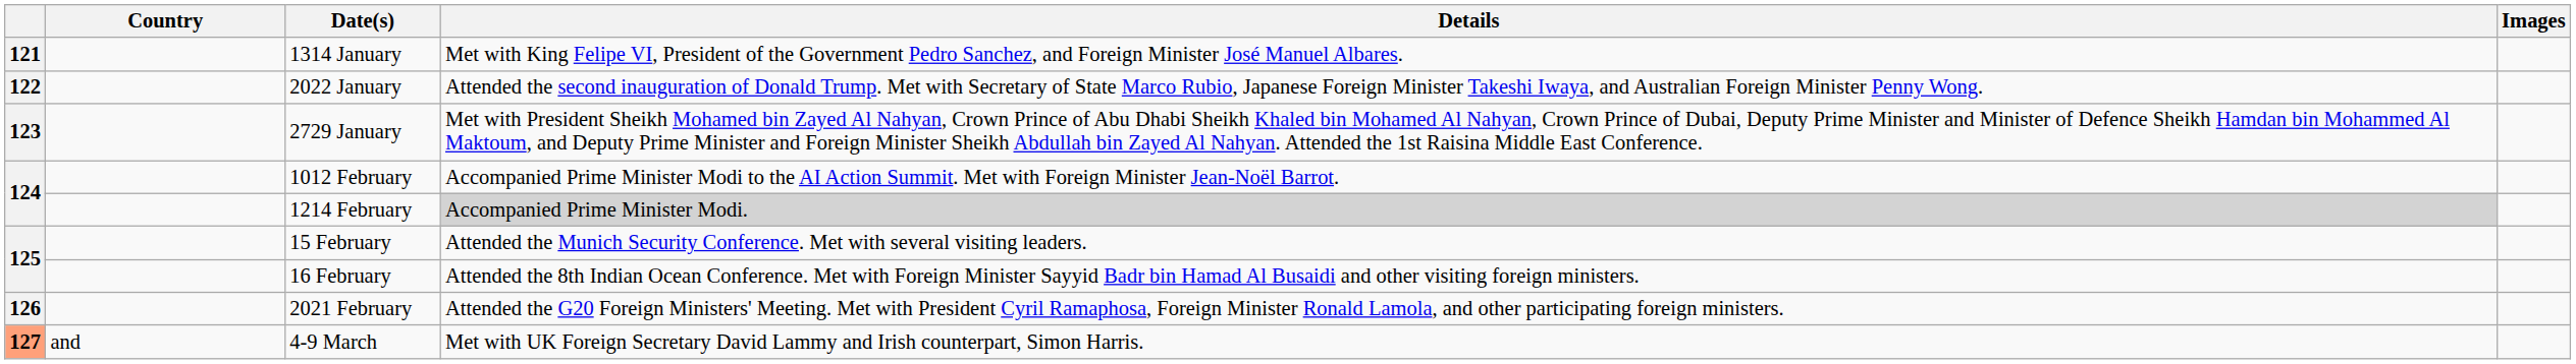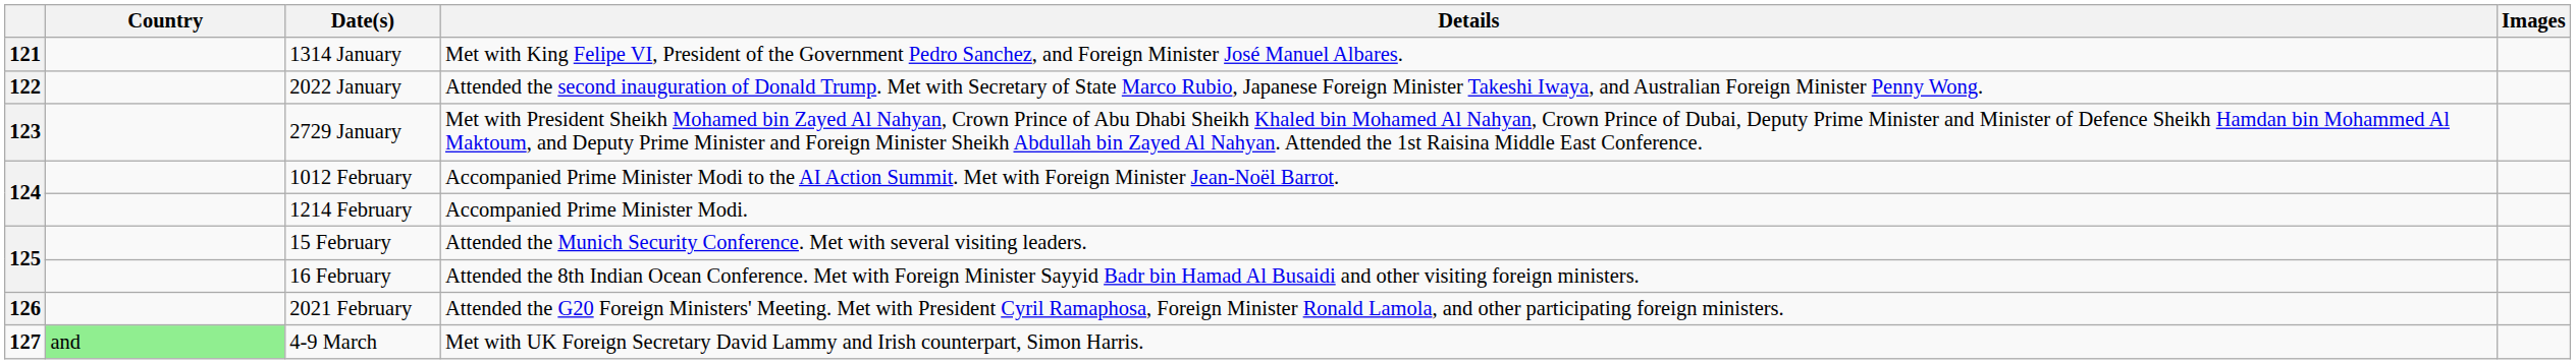 <table class="wikitable outercollapse sortable">
 <tr>
 <th></th>
 <th style="width:11em">Country</th>
 <th style="width:7em">Date(s)</th>
 <th class="unsortable">Details</th>
 <th>Images</th>
 </tr>
 <tr>
 <th>121</th>
 <td></td>
 <td>1314 January</td>
 <td>Met with King <a href='#'>Felipe VI</a>, President of the Government <a href='#'>Pedro Sanchez</a>, and Foreign Minister <a href='#'>José Manuel Albares</a>.</td>
 <td></td>
 </tr>
 <tr>
 <th>122</th>
 <td></td>
 <td>2022 January</td>
 <td>Attended the <a href='#'>second inauguration of Donald Trump</a>. Met with Secretary of State <a href='#'>Marco Rubio</a>, Japanese Foreign Minister <a href='#'>Takeshi Iwaya</a>, and Australian Foreign Minister <a href='#'>Penny Wong</a>.</td>
 <td></td>
 </tr>
 <tr>
 <th>123</th>
 <td></td>
 <td>2729 January</td>
 <td>Met with President Sheikh <a href='#'>Mohamed bin Zayed Al Nahyan</a>, Crown Prince of Abu Dhabi Sheikh <a href='#'>Khaled bin Mohamed Al Nahyan</a>, Crown Prince of Dubai, Deputy Prime Minister and Minister of Defence Sheikh <a href='#'>Hamdan bin Mohammed Al Maktoum</a>, and Deputy Prime Minister and Foreign Minister Sheikh <a href='#'>Abdullah bin Zayed Al Nahyan</a>. Attended the 1st Raisina Middle East Conference.</td>
 <td></td>
 </tr>
 <tr>
 <th rowspan="2">124</th>
 <td></td>
 <td>1012 February</td>
 <td>Accompanied Prime Minister Modi to the <a href='#'>AI Action Summit</a>. Met with Foreign Minister <a href='#'>Jean-Noël Barrot</a>.</td>
 <td></td>
 </tr>
 <tr>
 <td></td>
 <td>1214 February</td>
-<td style="background: lightgrey;">Accompanied Prime Minister Modi.</td>
+<td>Accompanied Prime Minister Modi.</td>
 <td></td>
 </tr>
 <tr>
 <th rowspan="2">125</th>
 <td></td>
 <td>15 February</td>
 <td>Attended the <a href='#'>Munich Security Conference</a>. Met with several visiting leaders.</td>
 <td></td>
 </tr>
 <tr>
 <td></td>
 <td>16 February</td>
 <td>Attended the 8th Indian Ocean Conference. Met with Foreign Minister Sayyid <a href='#'>Badr bin Hamad Al Busaidi</a> and other visiting foreign ministers.</td>
 <td></td>
 </tr>
 <tr>
 <th>126</th>
 <td></td>
 <td>2021 February</td>
 <td>Attended the <a href='#'>G20</a> Foreign Ministers' Meeting. Met with President <a href='#'>Cyril Ramaphosa</a>, Foreign Minister <a href='#'>Ronald Lamola</a>, and other participating foreign ministers.</td>
 <td></td>
 </tr>
 <tr>
-<td style="background: lightsalmon;"><strong>127</strong></td>
-<td> and </td>
+<td><strong>127</strong></td>
+<td style="background: lightgreen;"> and </td>
 <td>4-9 March</td>
 <td>Met with UK Foreign Secretary David Lammy and Irish counterpart, Simon Harris.</td>
 </tr>
 </table>
